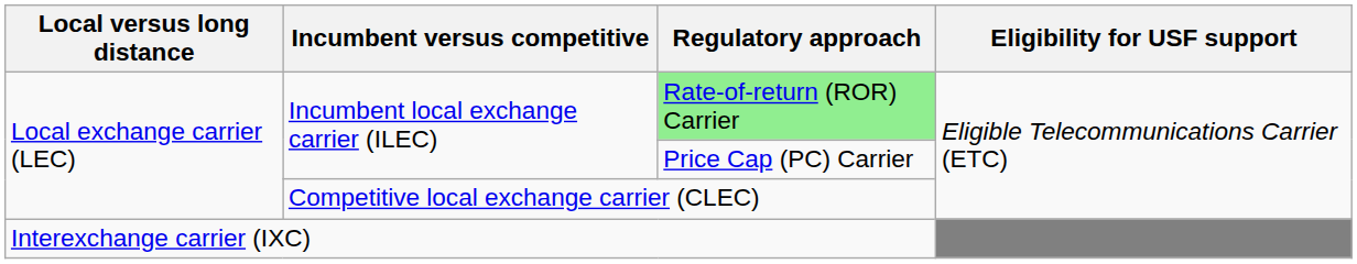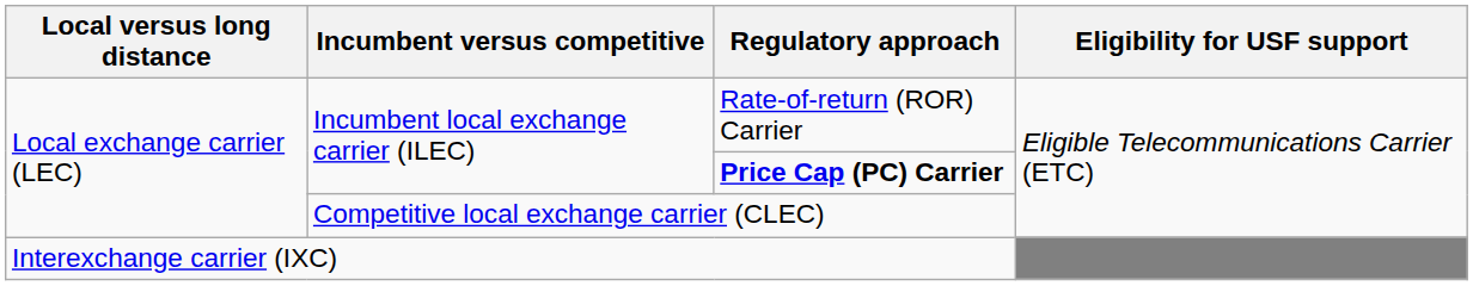 <table class="wikitable">
 <tr>
 <th>Local versus long distance</th>
 <th>Incumbent versus competitive</th>
 <th>Regulatory approach</th>
 <th>Eligibility for USF support</th>
 </tr>
 <tr>
 <td rowspan=3><a href='#'>Local exchange carrier</a> (LEC)</td>
 <td rowspan=2><a href='#'>Incumbent local exchange carrier</a> (ILEC)</td>
-<td style="background: lightgreen;"><a href='#'>Rate-of-return</a> (ROR) Carrier</td>
+<td><a href='#'>Rate-of-return</a> (ROR) Carrier</td>
 <td rowspan=3><em>Eligible Telecommunications Carrier</em> (ETC)</td>
 </tr>
 <tr>
-<td><a href='#'>Price Cap</a> (PC) Carrier</td>
+<td><strong><a href='#'>Price Cap</a> (PC) Carrier</strong></td>
 </tr>
 <tr>
 <td colspan=2><a href='#'>Competitive local exchange carrier</a> (CLEC)</td>
 </tr>
 <tr>
 <td colspan=3><a href='#'>Interexchange carrier</a> (IXC)</td>
 <td style="background-color: grey"></td>
 </tr>
 </table>
